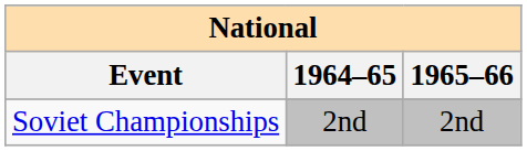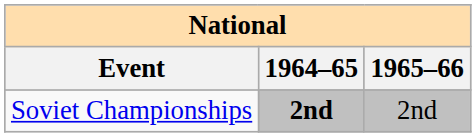 <table class="wikitable" style="text-align:center">
 <tr>
 <th style="background-color: #ffdead; " colspan=3 align=center>National</th>
 </tr>
 <tr>
 <th>Event</th>
 <th>1964–65</th>
 <th>1965–66</th>
 </tr>
 <tr>
 <td align=left><a href='#'>Soviet Championships</a></td>
-<td bgcolor=silver>2nd</td>
+<td bgcolor=silver><strong>2nd</strong></td>
 <td bgcolor=silver>2nd</td>
 </tr>
 </table>
